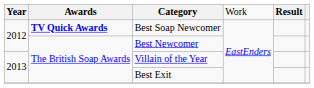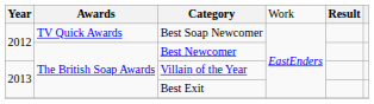 <table class="wikitable sortable">
 <tr>
 <th>Year</th>
 <th>Awards</th>
 <th>Category</th>
 <td>Work</td>
 <th>Result</th>
 <th scope=col class=unsortable></th>
 </tr>
 <tr>
 <td rowspan="2">2012</td>
-<td rowspan="1"><strong><a href='#'>TV Quick Awards</a></strong></td>
+<td rowspan="1"><a href='#'>TV Quick Awards</a></td>
 <td>Best Soap Newcomer</td>
 <td rowspan="4"><em><a href='#'>EastEnders</a></em></td>
 <td></td>
 <td align="center"></td>
 </tr>
 <tr>
 <td rowspan="3"><a href='#'>The British Soap Awards</a></td>
 <td><a href='#'>Best Newcomer</a></td>
 <td></td>
 <td align="center"></td>
 </tr>
 <tr>
 <td rowspan="2">2013</td>
 <td><a href='#'>Villain of the Year</a></td>
 <td></td>
 <td align="center"></td>
 </tr>
 <tr>
 <td>Best Exit</td>
 <td></td>
 <td align="center"></td>
 </tr>
 <tr>
 </tr>
 </table>
